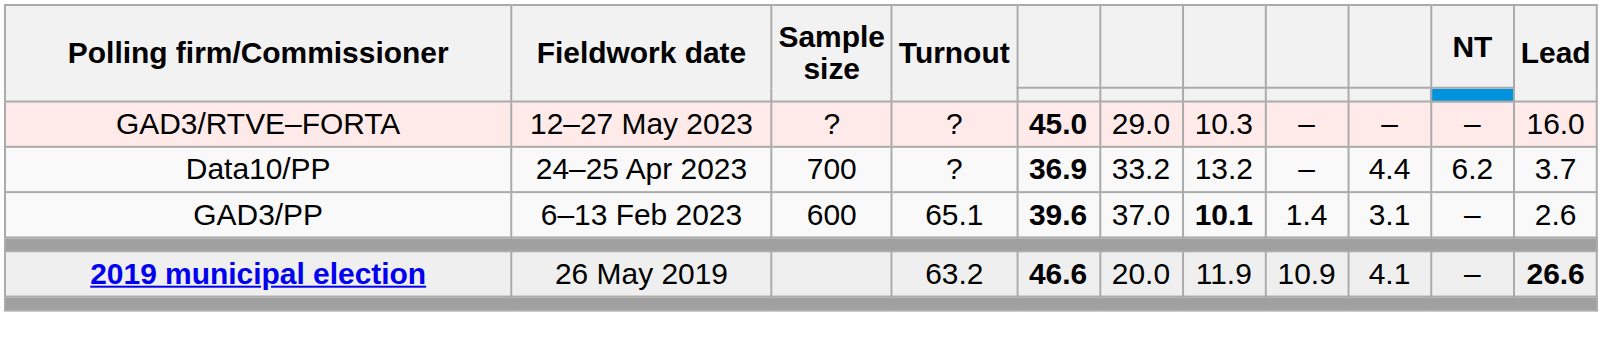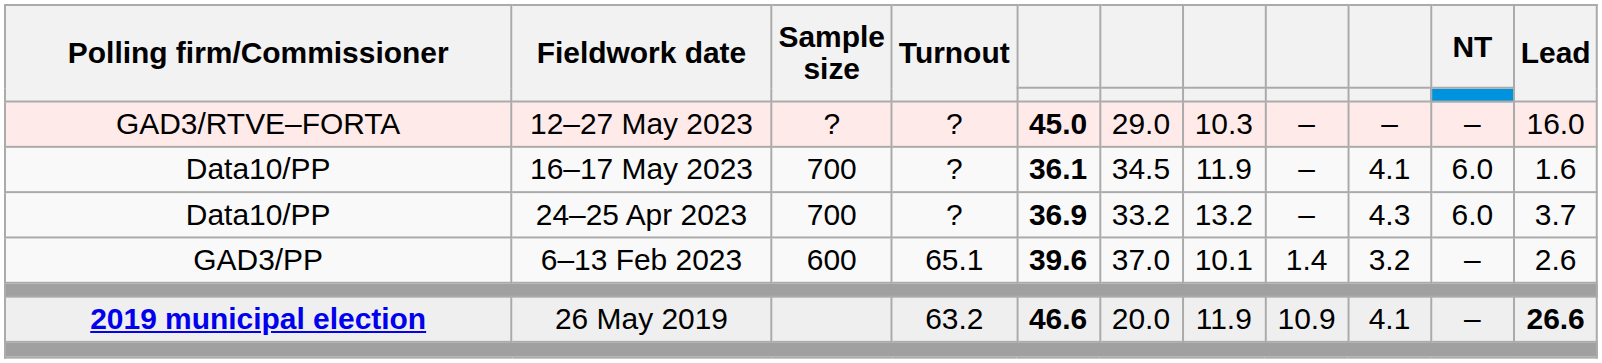 <table class="wikitable collapsible collapsed" style="text-align:center; font-size:95%; line-height:16px;">
 <tr style="height:42px;">
 <th style="width:250px;" rowspan="2">Polling firm/Commissioner</th>
 <th style="width:125px;" rowspan="2">Fieldwork date</th>
 <th style="width:50px;" rowspan="2">Sample size</th>
 <th style="width:45px;" rowspan="2">Turnout</th>
 <th style="width:35px;"></th>
 <th style="width:35px;"></th>
 <th style="width:35px;"></th>
 <th style="width:35px;"></th>
 <th style="width:35px;"></th>
 <th style="width:35px;">NT</th>
 <th style="width:30px;" rowspan="2">Lead</th>
 </tr>
 <tr>
 <th style="color:inherit;background:"></th>
 <th style="color:inherit;background:"></th>
 <th style="color:inherit;background:"></th>
 <th style="color:inherit;background:"></th>
 <th style="color:inherit;background:"></th>
 <th style="color:inherit;background:#0093DD;"></th>
 </tr>
 <tr style="background:#FFEAEA;">
 <td>GAD3/RTVE–FORTA</td>
 <td>12–27 May 2023</td>
 <td>?</td>
 <td>?</td>
 <td><strong>45.0</strong><br></td>
 <td>29.0<br></td>
 <td>10.3<br></td>
 <td>–</td>
 <td>–</td>
 <td>–</td>
 <td style="background:">16.0</td>
 </tr>
 <tr>
 <td>Data10/PP</td>
+<td>16–17 May 2023</td>
+<td>700</td>
+<td>?</td>
+<td><strong>36.1</strong><br></td>
+<td>34.5<br></td>
+<td>11.9<br></td>
+<td>–</td>
+<td>4.1<br></td>
+<td>6.0<br></td>
+<td style="background:">1.6</td>
+</tr>
+<tr>
+<td>Data10/PP</td>
 <td>24–25 Apr 2023</td>
 <td>700</td>
 <td>?</td>
 <td><strong>36.9</strong><br></td>
 <td>33.2<br></td>
 <td>13.2<br></td>
 <td>–</td>
-<td>4.4<br></td>
-<td>6.2<br></td>
+<td>4.3<br></td>
+<td>6.0<br></td>
 <td style="background:">3.7</td>
 </tr>
 <tr>
 <td>GAD3/PP</td>
 <td>6–13 Feb 2023</td>
 <td>600</td>
 <td>65.1</td>
 <td><strong>39.6</strong><br></td>
 <td>37.0<br></td>
-<td><strong>10.1<br></strong></td>
+<td>10.1<br></td>
 <td>1.4<br></td>
-<td>3.1<br></td>
+<td>3.2<br></td>
 <td>–</td>
 <td style="background:">2.6</td>
 </tr>
 <tr>
 <td colspan="11" style="background:#A0A0A0"></td>
 </tr>
 <tr style="background:#EFEFEF;">
 <td><strong><a href='#'>2019 municipal election</a></strong></td>
 <td>26 May 2019</td>
 <td></td>
 <td>63.2</td>
 <td><strong>46.6</strong><br></td>
 <td>20.0<br></td>
 <td>11.9<br></td>
 <td>10.9<br></td>
 <td>4.1<br></td>
 <td>–</td>
 <td style="background:"><strong>26.6</strong></td>
 </tr>
 <tr>
 <td colspan="11" style="background:#A0A0A0"></td>
 </tr>
 </table>
